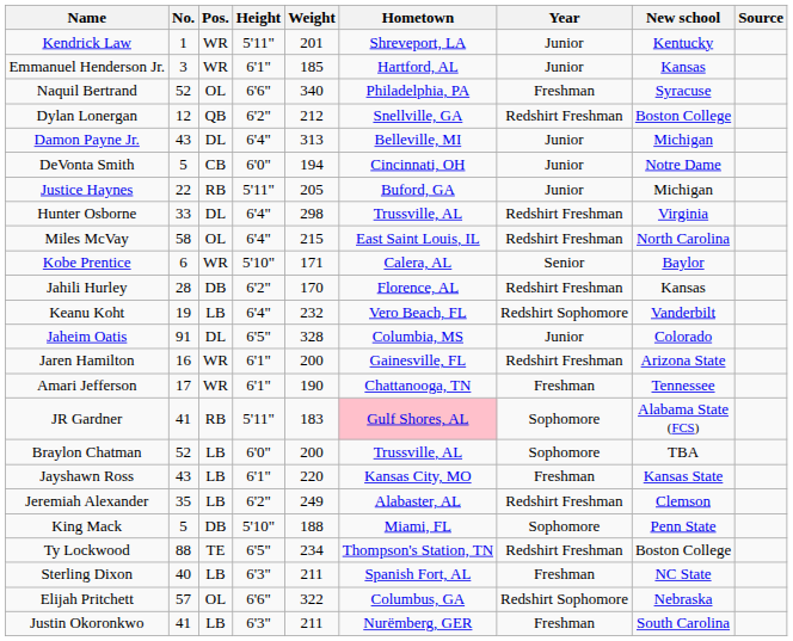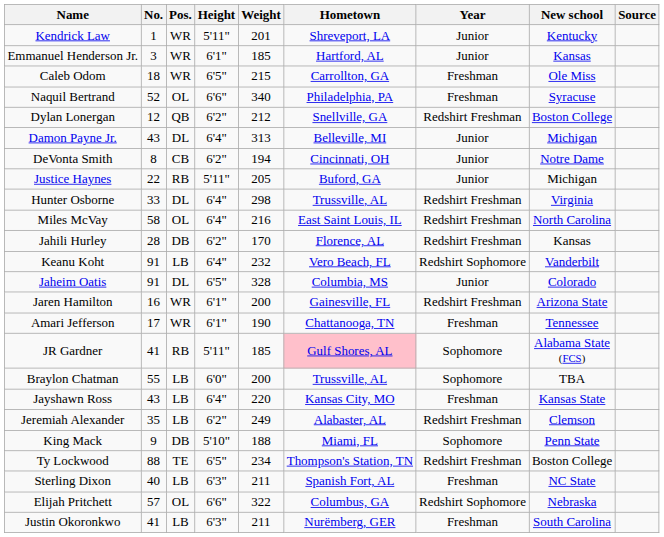 <table class="wikitable sortable">
 <tr>
 <th style="text-align:center; ">Name</th>
 <th style="text-align:center; ">No.</th>
 <th style="text-align:center; ">Pos.</th>
 <th style="text-align:center; ">Height</th>
 <th style="text-align:center; ">Weight</th>
 <th style="text-align:center; ">Hometown</th>
 <th style="text-align:center; ">Year</th>
 <th style="text-align:center; ">New school</th>
 <th style="text-align:center; ">Source</th>
 </tr>
 <tr align="center">
 <td><a href='#'>Kendrick Law</a></td>
 <td>1</td>
 <td>WR</td>
 <td>5'11"</td>
 <td>201</td>
 <td><a href='#'>Shreveport, LA</a></td>
 <td>Junior</td>
 <td><a href='#'>Kentucky</a></td>
 <td></td>
 </tr>
 <tr align="center">
 <td>Emmanuel Henderson Jr.</td>
 <td>3</td>
 <td>WR</td>
 <td>6'1"</td>
 <td>185</td>
 <td><a href='#'>Hartford, AL</a></td>
 <td>Junior</td>
 <td><a href='#'>Kansas</a></td>
+<td></td>
+</tr>
+<tr align="center">
+<td>Caleb Odom</td>
+<td>18</td>
+<td>WR</td>
+<td>6'5"</td>
+<td>215</td>
+<td><a href='#'>Carrollton, GA</a></td>
+<td>Freshman</td>
+<td><a href='#'>Ole Miss</a></td>
 <td></td>
 </tr>
 <tr align="center">
 <td>Naquil Bertrand</td>
 <td>52</td>
 <td>OL</td>
 <td>6'6"</td>
 <td>340</td>
 <td><a href='#'>Philadelphia, PA</a></td>
 <td>Freshman</td>
 <td><a href='#'>Syracuse</a></td>
 <td></td>
 </tr>
 <tr align="center">
 <td>Dylan Lonergan</td>
 <td>12</td>
 <td>QB</td>
 <td>6'2"</td>
 <td>212</td>
 <td><a href='#'>Snellville, GA</a></td>
 <td>Redshirt Freshman</td>
 <td><a href='#'>Boston College</a></td>
 <td></td>
 </tr>
 <tr align="center">
 <td><a href='#'>Damon Payne Jr.</a></td>
 <td>43</td>
 <td>DL</td>
 <td>6'4"</td>
 <td>313</td>
 <td><a href='#'>Belleville, MI</a></td>
 <td>Junior</td>
 <td><a href='#'>Michigan</a></td>
 <td></td>
 </tr>
 <tr align="center">
 <td>DeVonta Smith</td>
-<td>5</td>
+<td>8</td>
 <td>CB</td>
-<td>6'0"</td>
+<td>6'2"</td>
 <td>194</td>
 <td><a href='#'>Cincinnati, OH</a></td>
 <td>Junior</td>
 <td><a href='#'>Notre Dame</a></td>
 <td></td>
 </tr>
 <tr align="center">
 <td><a href='#'>Justice Haynes</a></td>
 <td>22</td>
 <td>RB</td>
 <td>5'11"</td>
 <td>205</td>
 <td><a href='#'>Buford, GA</a></td>
 <td>Junior</td>
 <td>Michigan</td>
 <td></td>
 </tr>
 <tr align="center">
 <td>Hunter Osborne</td>
 <td>33</td>
 <td>DL</td>
 <td>6'4"</td>
 <td>298</td>
 <td><a href='#'>Trussville, AL</a></td>
 <td>Redshirt Freshman</td>
 <td><a href='#'>Virginia</a></td>
 <td></td>
 </tr>
 <tr align="center">
 <td>Miles McVay</td>
 <td>58</td>
 <td>OL</td>
 <td>6'4"</td>
-<td>215</td>
+<td>216</td>
 <td><a href='#'>East Saint Louis, IL</a></td>
 <td>Redshirt Freshman</td>
 <td><a href='#'>North Carolina</a></td>
-<td></td>
-</tr>
-<tr align="center">
-<td><a href='#'>Kobe Prentice</a></td>
-<td>6</td>
-<td>WR</td>
-<td>5'10"</td>
-<td>171</td>
-<td><a href='#'>Calera, AL</a></td>
-<td>Senior</td>
-<td><a href='#'>Baylor</a></td>
 <td></td>
 </tr>
 <tr align="center">
 <td>Jahili Hurley</td>
 <td>28</td>
 <td>DB</td>
 <td>6'2"</td>
 <td>170</td>
 <td><a href='#'>Florence, AL</a></td>
 <td>Redshirt Freshman</td>
 <td>Kansas</td>
 <td></td>
 </tr>
 <tr align="center">
 <td>Keanu Koht</td>
-<td>19</td>
+<td>91</td>
 <td>LB</td>
 <td>6'4"</td>
 <td>232</td>
 <td><a href='#'>Vero Beach, FL</a></td>
 <td>Redshirt Sophomore</td>
 <td><a href='#'>Vanderbilt</a></td>
 <td></td>
 </tr>
 <tr align="center">
 <td><a href='#'>Jaheim Oatis</a></td>
 <td>91</td>
 <td>DL</td>
 <td>6'5"</td>
 <td>328</td>
 <td><a href='#'>Columbia, MS</a></td>
 <td>Junior</td>
 <td><a href='#'>Colorado</a></td>
 <td></td>
 </tr>
 <tr align="center">
 <td>Jaren Hamilton</td>
 <td>16</td>
 <td>WR</td>
 <td>6'1"</td>
 <td>200</td>
 <td><a href='#'>Gainesville, FL</a></td>
 <td>Redshirt Freshman</td>
 <td><a href='#'>Arizona State</a></td>
 <td></td>
 </tr>
 <tr align="center">
 <td>Amari Jefferson</td>
 <td>17</td>
 <td>WR</td>
 <td>6'1"</td>
 <td>190</td>
 <td><a href='#'>Chattanooga, TN</a></td>
 <td>Freshman</td>
 <td><a href='#'>Tennessee</a></td>
 <td></td>
 </tr>
 <tr align="center">
 <td>JR Gardner</td>
 <td>41</td>
 <td>RB</td>
 <td>5'11"</td>
-<td>183</td>
+<td>185</td>
 <td style="background: pink;"><a href='#'>Gulf Shores, AL</a></td>
 <td>Sophomore</td>
 <td><a href='#'>Alabama State</a> <br><small>(<a href='#'>FCS</a>)</small></td>
 <td></td>
 </tr>
 <tr align="center">
 <td>Braylon Chatman</td>
-<td>52</td>
+<td>55</td>
 <td>LB</td>
 <td>6'0"</td>
 <td>200</td>
 <td><a href='#'>Trussville, AL</a></td>
 <td>Sophomore</td>
 <td>TBA</td>
 <td></td>
 </tr>
 <tr align="center">
 <td>Jayshawn Ross</td>
 <td>43</td>
 <td>LB</td>
-<td>6'1"</td>
+<td>6'4"</td>
 <td>220</td>
 <td><a href='#'>Kansas City, MO</a></td>
 <td>Freshman</td>
 <td><a href='#'>Kansas State</a></td>
 <td></td>
 </tr>
 <tr align="center">
 <td>Jeremiah Alexander</td>
 <td>35</td>
 <td>LB</td>
 <td>6'2"</td>
 <td>249</td>
 <td><a href='#'>Alabaster, AL</a></td>
 <td>Redshirt Freshman</td>
 <td><a href='#'>Clemson</a></td>
 <td></td>
 </tr>
 <tr align="center">
 <td>King Mack</td>
-<td>5</td>
+<td>9</td>
 <td>DB</td>
 <td>5'10"</td>
 <td>188</td>
 <td><a href='#'>Miami, FL</a></td>
 <td>Sophomore</td>
 <td><a href='#'>Penn State</a></td>
 <td></td>
 </tr>
 <tr align="center">
 <td>Ty Lockwood</td>
 <td>88</td>
 <td>TE</td>
 <td>6'5"</td>
 <td>234</td>
 <td><a href='#'>Thompson's Station, TN</a></td>
 <td>Redshirt Freshman</td>
 <td>Boston College</td>
 <td></td>
 </tr>
 <tr align="center">
 <td>Sterling Dixon</td>
 <td>40</td>
 <td>LB</td>
 <td>6'3"</td>
 <td>211</td>
 <td><a href='#'>Spanish Fort, AL</a></td>
 <td>Freshman</td>
 <td><a href='#'>NC State</a></td>
 <td></td>
 </tr>
 <tr align="center">
 <td>Elijah Pritchett</td>
 <td>57</td>
 <td>OL</td>
 <td>6'6"</td>
 <td>322</td>
 <td><a href='#'>Columbus, GA</a></td>
 <td>Redshirt Sophomore</td>
 <td><a href='#'>Nebraska</a></td>
 <td></td>
 </tr>
 <tr align="center">
 <td>Justin Okoronkwo</td>
 <td>41</td>
 <td>LB</td>
 <td>6'3"</td>
 <td>211</td>
 <td><a href='#'>Nurëmberg, GER</a></td>
 <td>Freshman</td>
 <td><a href='#'>South Carolina</a></td>
 <td></td>
 </tr>
 </table>
